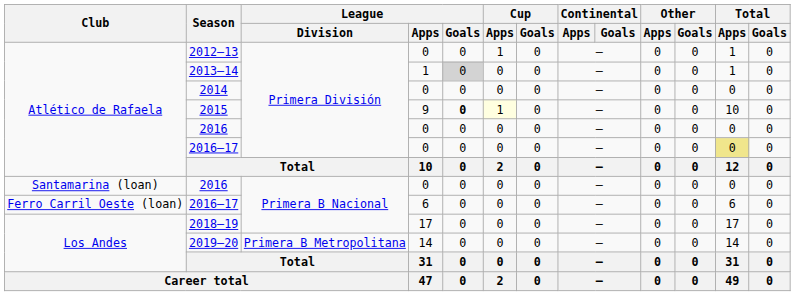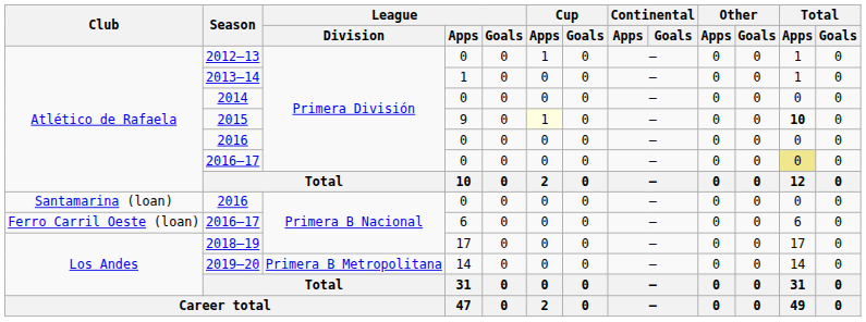 <table class="wikitable" style="text-align:center">
 <tr>
 <th rowspan="2">Club</th>
 <th rowspan="2">Season</th>
 <th colspan="3">League</th>
 <th colspan="2">Cup</th>
 <th colspan="2">Continental</th>
 <th colspan="2">Other</th>
 <th colspan="2">Total</th>
 </tr>
 <tr>
 <th>Division</th>
 <th>Apps</th>
 <th>Goals</th>
 <th>Apps</th>
 <th>Goals</th>
 <th>Apps</th>
 <th>Goals</th>
 <th>Apps</th>
 <th>Goals</th>
 <th>Apps</th>
 <th>Goals</th>
 </tr>
 <tr>
 <td rowspan="7"><a href='#'>Atlético de Rafaela</a></td>
 <td><a href='#'>2012–13</a></td>
 <td rowspan="6"><a href='#'>Primera División</a></td>
 <td>0</td>
 <td>0</td>
 <td>1</td>
 <td>0</td>
 <td colspan="2">—</td>
 <td>0</td>
 <td>0</td>
 <td>1</td>
 <td>0</td>
 </tr>
 <tr>
 <td><a href='#'>2013–14</a></td>
 <td>1</td>
-<td style="background: lightgrey;">0</td>
+<td>0</td>
 <td>0</td>
 <td>0</td>
 <td colspan="2">—</td>
 <td>0</td>
 <td>0</td>
 <td>1</td>
 <td>0</td>
 </tr>
 <tr>
 <td><a href='#'>2014</a></td>
 <td>0</td>
 <td>0</td>
 <td>0</td>
 <td>0</td>
 <td colspan="2">—</td>
 <td>0</td>
 <td>0</td>
 <td>0</td>
 <td>0</td>
 </tr>
 <tr>
 <td><a href='#'>2015</a></td>
 <td>9</td>
-<td><strong>0</strong></td>
+<td>0</td>
 <td style="background: lightyellow;">1</td>
 <td>0</td>
 <td colspan="2">—</td>
 <td>0</td>
 <td>0</td>
-<td>10</td>
+<td><strong>10</strong></td>
 <td>0</td>
 </tr>
 <tr>
 <td><a href='#'>2016</a></td>
 <td>0</td>
 <td>0</td>
 <td>0</td>
 <td>0</td>
 <td colspan="2">—</td>
 <td>0</td>
 <td>0</td>
 <td>0</td>
 <td>0</td>
 </tr>
 <tr>
 <td><a href='#'>2016–17</a></td>
 <td>0</td>
 <td>0</td>
 <td>0</td>
 <td>0</td>
 <td colspan="2">—</td>
 <td>0</td>
 <td>0</td>
 <td style="background: khaki;">0</td>
 <td>0</td>
 </tr>
 <tr>
 <th colspan="2">Total</th>
 <th>10</th>
 <th>0</th>
 <th>2</th>
 <th>0</th>
 <th colspan="2">—</th>
 <th>0</th>
 <th>0</th>
 <th>12</th>
 <th>0</th>
 </tr>
 <tr>
 <td rowspan="1"><a href='#'>Santamarina</a> (loan)</td>
 <td><a href='#'>2016</a></td>
 <td rowspan="3"><a href='#'>Primera B Nacional</a></td>
 <td>0</td>
 <td>0</td>
 <td>0</td>
 <td>0</td>
 <td colspan="2">—</td>
 <td>0</td>
 <td>0</td>
 <td>0</td>
 <td>0</td>
 </tr>
 <tr>
 <td rowspan="1"><a href='#'>Ferro Carril Oeste</a> (loan)</td>
 <td><a href='#'>2016–17</a></td>
 <td>6</td>
 <td>0</td>
 <td>0</td>
 <td>0</td>
 <td colspan="2">—</td>
 <td>0</td>
 <td>0</td>
 <td>6</td>
 <td>0</td>
 </tr>
 <tr>
 <td rowspan="3"><a href='#'>Los Andes</a></td>
 <td><a href='#'>2018–19</a></td>
 <td>17</td>
 <td>0</td>
 <td>0</td>
 <td>0</td>
 <td colspan="2">—</td>
 <td>0</td>
 <td>0</td>
 <td>17</td>
 <td>0</td>
 </tr>
 <tr>
 <td><a href='#'>2019–20</a></td>
 <td rowspan="1"><a href='#'>Primera B Metropolitana</a></td>
 <td>14</td>
 <td>0</td>
 <td>0</td>
 <td>0</td>
 <td colspan="2">—</td>
 <td>0</td>
 <td>0</td>
 <td>14</td>
 <td>0</td>
 </tr>
 <tr>
 <th colspan="2">Total</th>
 <th>31</th>
 <th>0</th>
 <th>0</th>
 <th>0</th>
 <th colspan="2">—</th>
 <th>0</th>
 <th>0</th>
 <th>31</th>
 <th>0</th>
 </tr>
 <tr>
 <th colspan="3">Career total</th>
 <th>47</th>
 <th>0</th>
 <th>2</th>
 <th>0</th>
 <th colspan="2">—</th>
 <th>0</th>
 <th>0</th>
 <th>49</th>
 <th>0</th>
 </tr>
 </table>
